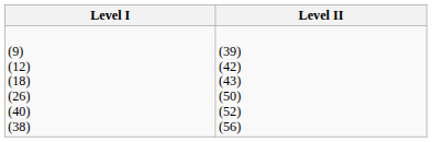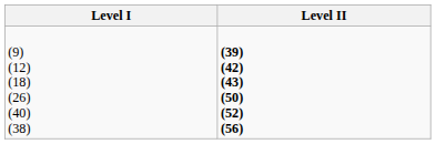 <table class="wikitable" width=40%>
 <tr>
 <th width=50%>Level I</th>
 <th width=50%>Level II</th>
 </tr>
 <tr>
 <td><br> (9)<br>  (12)<br>  (18)<br>  (26)<br>  (40)<br>  (38)</td>
-<td><br> (39)<br>  (42)<br>  (43)<br>  (50)<br>  (52)<br>  (56)<br></td>
+<td><strong><br> (39)<br>  (42)<br>  (43)<br>  (50)<br>  (52)<br>  (56)<br></strong></td>
 </tr>
 </table>
